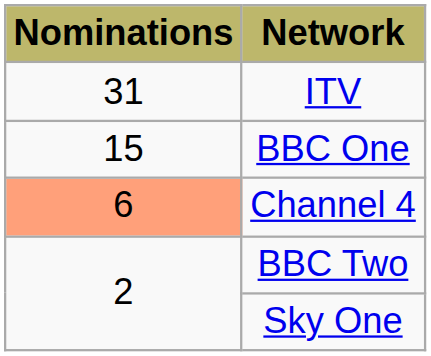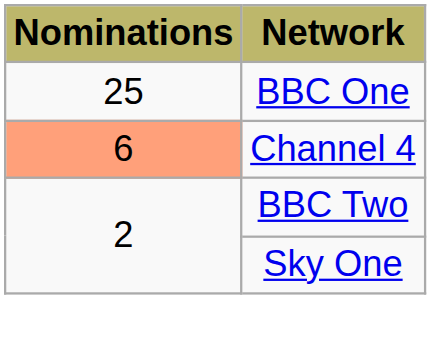 <table class="wikitable" style="text-align:center;">
 <tr>
 <th style="background:#BDB76B;">Nominations</th>
 <th style="background:#BDB76B;">Network</th>
 </tr>
 <tr>
-<td>31</td>
-<td><a href='#'>ITV</a></td>
-</tr>
-<tr>
-<td>15</td>
+<td>25</td>
 <td><a href='#'>BBC One</a></td>
 </tr>
 <tr>
 <td style="background: lightsalmon;">6</td>
 <td><a href='#'>Channel 4</a></td>
 </tr>
 <tr>
 <td rowspan="2">2</td>
 <td><a href='#'>BBC Two</a></td>
 </tr>
 <tr>
 <td><a href='#'>Sky One</a></td>
 </tr>
 </table>
